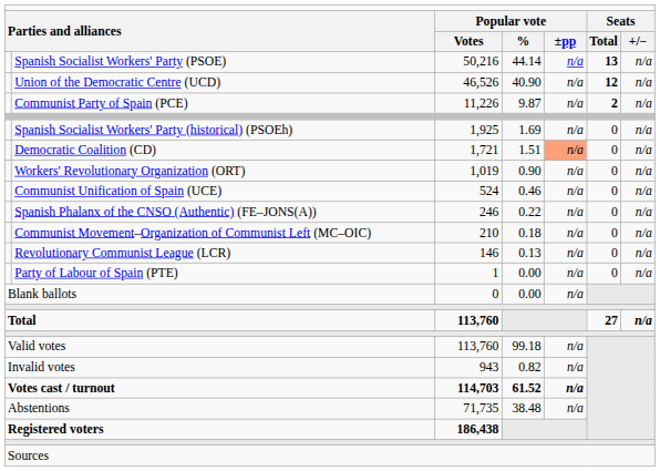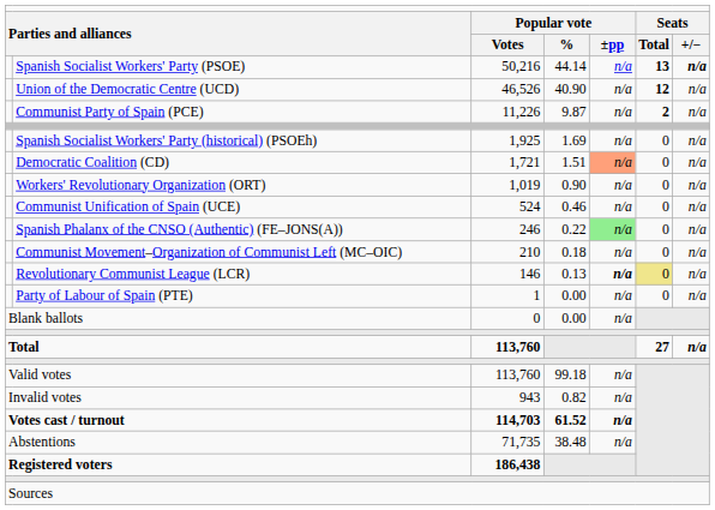 <table class="wikitable" style="text-align:right;">
 <tr>
 <td colspan="7"></td>
 </tr>
 <tr>
 <th style="text-align:left;" rowspan="2" colspan="2" width="525">Parties and alliances</th>
 <th colspan="3">Popular vote</th>
 <th colspan="2">Seats</th>
 </tr>
 <tr>
 <th width="75">Votes</th>
 <th width="45">%</th>
 <th width="45">±<a href='#'>pp</a></th>
 <th width="35">Total</th>
 <th width="35">+/−</th>
 </tr>
 <tr>
 <td width="1" style="color:inherit;background:"></td>
 <td align="left"><a href='#'>Spanish Socialist Workers' Party</a> (PSOE)</td>
 <td>50,216</td>
 <td>44.14</td>
 <td><em><a href='#'>n/a</a></em></td>
 <td><strong>13</strong></td>
-<td><em>n/a</em></td>
+<td><strong><em>n/a</em></strong></td>
 </tr>
 <tr>
 <td style="color:inherit;background:"></td>
 <td align="left"><a href='#'>Union of the Democratic Centre</a> (UCD)</td>
 <td>46,526</td>
 <td>40.90</td>
 <td><em>n/a</em></td>
 <td><strong>12</strong></td>
 <td><em>n/a</em></td>
 </tr>
 <tr>
 <td style="color:inherit;background:"></td>
 <td align="left"><a href='#'>Communist Party of Spain</a> (PCE)</td>
 <td>11,226</td>
 <td>9.87</td>
 <td><em>n/a</em></td>
 <td><strong>2</strong></td>
 <td><em>n/a</em></td>
 </tr>
 <tr>
 <td colspan="7" bgcolor="#C0C0C0"></td>
 </tr>
 <tr>
 <td style="color:inherit;background:"></td>
 <td align="left"><a href='#'>Spanish Socialist Workers' Party (historical)</a> (PSOEh)</td>
 <td>1,925</td>
 <td>1.69</td>
 <td><em>n/a</em></td>
 <td>0</td>
 <td><em>n/a</em></td>
 </tr>
 <tr>
 <td style="color:inherit;background:"></td>
 <td align="left"><a href='#'>Democratic Coalition</a> (CD)</td>
 <td>1,721</td>
 <td>1.51</td>
 <td style="background: lightsalmon;"><em>n/a</em></td>
 <td>0</td>
 <td><em>n/a</em></td>
 </tr>
 <tr>
 <td style="color:inherit;background:"></td>
 <td align="left"><a href='#'>Workers' Revolutionary Organization</a> (ORT)</td>
 <td>1,019</td>
 <td>0.90</td>
 <td><em>n/a</em></td>
 <td>0</td>
 <td><em>n/a</em></td>
 </tr>
 <tr>
 <td style="color:inherit;background:"></td>
 <td align="left"><a href='#'>Communist Unification of Spain</a> (UCE)</td>
 <td>524</td>
 <td>0.46</td>
 <td><em>n/a</em></td>
 <td>0</td>
 <td><em>n/a</em></td>
 </tr>
 <tr>
 <td style="color:inherit;background:"></td>
 <td align="left"><a href='#'>Spanish Phalanx of the CNSO (Authentic)</a> (FE–JONS(A))</td>
 <td>246</td>
 <td>0.22</td>
-<td><em>n/a</em></td>
+<td style="background: lightgreen;"><em>n/a</em></td>
 <td>0</td>
 <td><em>n/a</em></td>
 </tr>
 <tr>
 <td style="color:inherit;background:"></td>
 <td align="left"><a href='#'>Communist Movement</a>–<a href='#'>Organization of Communist Left</a> (MC–OIC)</td>
 <td>210</td>
 <td>0.18</td>
 <td><em>n/a</em></td>
 <td>0</td>
 <td><em>n/a</em></td>
 </tr>
 <tr>
 <td style="color:inherit;background:"></td>
 <td align="left"><a href='#'>Revolutionary Communist League</a> (LCR)</td>
 <td>146</td>
 <td>0.13</td>
-<td><em>n/a</em></td>
-<td>0</td>
+<td><strong><em>n/a</em></strong></td>
+<td style="background: khaki;">0</td>
 <td><em>n/a</em></td>
 </tr>
 <tr>
 <td style="color:inherit;background:"></td>
 <td align="left"><a href='#'>Party of Labour of Spain</a> (PTE)</td>
 <td>1</td>
 <td>0.00</td>
 <td><em>n/a</em></td>
 <td>0</td>
 <td><em>n/a</em></td>
 </tr>
 <tr>
 <td align="left" colspan="2">Blank ballots</td>
 <td>0</td>
 <td>0.00</td>
 <td><em>n/a</em></td>
 <td bgcolor="#E9E9E9" colspan="2"></td>
 </tr>
 <tr>
 <td colspan="7" bgcolor="#E9E9E9"></td>
 </tr>
 <tr style="font-weight:bold;">
 <td align="left" colspan="2">Total</td>
 <td>113,760</td>
 <td bgcolor="#E9E9E9" colspan="2"></td>
 <td>27</td>
 <td><em>n/a</em></td>
 </tr>
 <tr>
 <td colspan="7" bgcolor="#E9E9E9"></td>
 </tr>
 <tr>
 <td align="left" colspan="2">Valid votes</td>
 <td>113,760</td>
 <td>99.18</td>
 <td><em>n/a</em></td>
 <td bgcolor="#E9E9E9" colspan="2" rowspan="5"></td>
 </tr>
 <tr>
 <td align="left" colspan="2">Invalid votes</td>
 <td>943</td>
 <td>0.82</td>
 <td><em>n/a</em></td>
 </tr>
 <tr style="font-weight:bold;">
 <td align="left" colspan="2">Votes cast / turnout</td>
 <td>114,703</td>
 <td>61.52</td>
 <td><em>n/a</em></td>
 </tr>
 <tr>
 <td align="left" colspan="2">Abstentions</td>
 <td>71,735</td>
 <td>38.48</td>
 <td><em>n/a</em></td>
 </tr>
 <tr style="font-weight:bold;">
 <td align="left" colspan="2">Registered voters</td>
 <td>186,438</td>
 <td bgcolor="#E9E9E9" colspan="2"></td>
 </tr>
 <tr>
 <td colspan="7" bgcolor="#E9E9E9"></td>
 </tr>
 <tr>
 <td align="left" colspan="7">Sources</td>
 </tr>
 </table>
